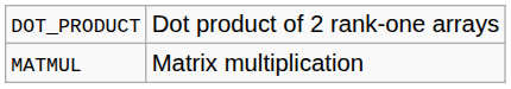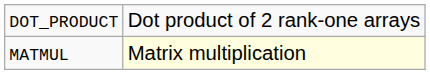 <table class=wikitable>
 <tr>
 <td><code>DOT_PRODUCT</code></td>
 <td>Dot product of 2 rank-one arrays</td>
 </tr>
 <tr>
 <td><code>MATMUL</code></td>
-<td>Matrix multiplication</td>
+<td style="background: lightyellow;">Matrix multiplication</td>
 </tr>
 </table>
